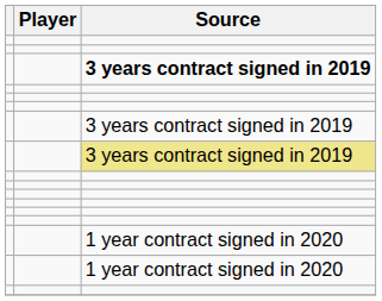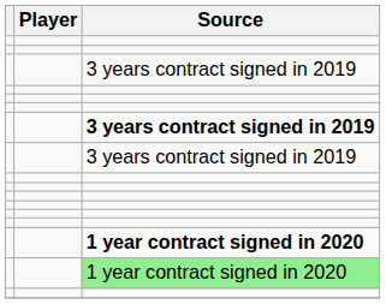 <table class="wikitable plainrowheaders sortable">
 <tr>
 <th></th>
 <th scope=col>Player</th>
 <th scope=col>Source</th>
 </tr>
 <tr>
 <td></td>
 <td align=left></td>
 <td></td>
 </tr>
 <tr>
 <td></td>
 <td align=left></td>
 <td></td>
 </tr>
 <tr>
 <td></td>
 <td></td>
-<td><strong>3 years contract signed in 2019</strong></td>
+<td>3 years contract signed in 2019</td>
 </tr>
 <tr>
 <td></td>
 <td align=left></td>
 <td></td>
 </tr>
 <tr>
 <td></td>
 <td align=left></td>
 <td></td>
 </tr>
 <tr>
 <td></td>
 <td align=left></td>
 <td></td>
 </tr>
 <tr>
 <td></td>
 <td></td>
-<td>3 years contract signed in 2019 </td>
+<td><strong>3 years contract signed in 2019 </strong></td>
 </tr>
 <tr>
 <td></td>
 <td></td>
-<td style="background: khaki;">3 years contract signed in 2019 </td>
+<td>3 years contract signed in 2019 </td>
 </tr>
 <tr>
 <td></td>
 <td align=left></td>
 <td></td>
 </tr>
 <tr>
 <td></td>
 <td align=left></td>
 <td></td>
 </tr>
 <tr>
 <td></td>
 <td align=left></td>
 <td></td>
 </tr>
 <tr>
 <td></td>
 <td align=left></td>
 <td></td>
 </tr>
 <tr>
 <td></td>
 <td align=left></td>
 <td></td>
 </tr>
 <tr>
 <td></td>
 <td align=left></td>
 <td></td>
 </tr>
 <tr>
 <td></td>
 <td></td>
-<td>1 year contract signed in 2020</td>
+<td><strong>1 year contract signed in 2020</strong></td>
 </tr>
 <tr>
 <td></td>
 <td></td>
-<td>1 year contract signed in 2020</td>
+<td style="background: lightgreen;">1 year contract signed in 2020</td>
 </tr>
 <tr>
 <td></td>
 <td align=left></td>
 <td></td>
 </tr>
 <tr>
 </tr>
 </table>
